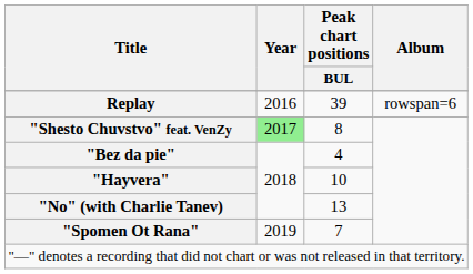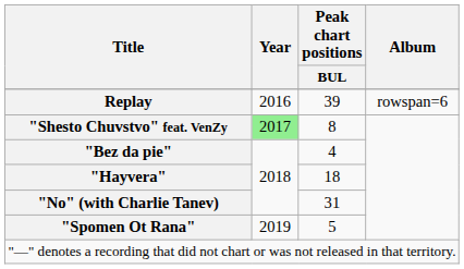 <table class="wikitable plainrowheaders" style="text-align:center;">
 <tr>
 <th scope="col" rowspan="2">Title</th>
 <th scope="col" rowspan="2">Year</th>
 <th scope="col" colspan="1">Peak chart positions</th>
 <th scope="col" rowspan="2">Album</th>
 </tr>
 <tr>
 <th scope="col" style="width:2.2em;font-size:90%;">BUL <br></th>
 </tr>
 <tr>
 </tr>
 <tr>
 <th scope="row">Replay</th>
 <td>2016</td>
 <td>39</td>
 <td>rowspan=6 </td>
 </tr>
 <tr>
 <th scope="row">"Shesto Chuvstvo" <small>feat. VenZy</small></th>
 <td style="background: lightgreen;">2017</td>
 <td>8</td>
 </tr>
 <tr>
 <th scope="row">"Bez da pie"</th>
 <td rowspan="3">2018</td>
 <td>4</td>
 </tr>
 <tr>
 <th scope="row">"Hayvera"</th>
-<td>10</td>
+<td>18</td>
 </tr>
 <tr>
 <th scope="row">"No" (with Charlie Tanev)</th>
-<td>13</td>
+<td>31</td>
 </tr>
 <tr>
 <th scope="row">"Spomen Ot Rana"</th>
 <td rowspan="1">2019</td>
-<td>7</td>
+<td>5</td>
 </tr>
 <tr>
 <td colspan="13" style="font-size:90%">"—" denotes a recording that did not chart or was not released in that territory.</td>
 </tr>
 </table>
